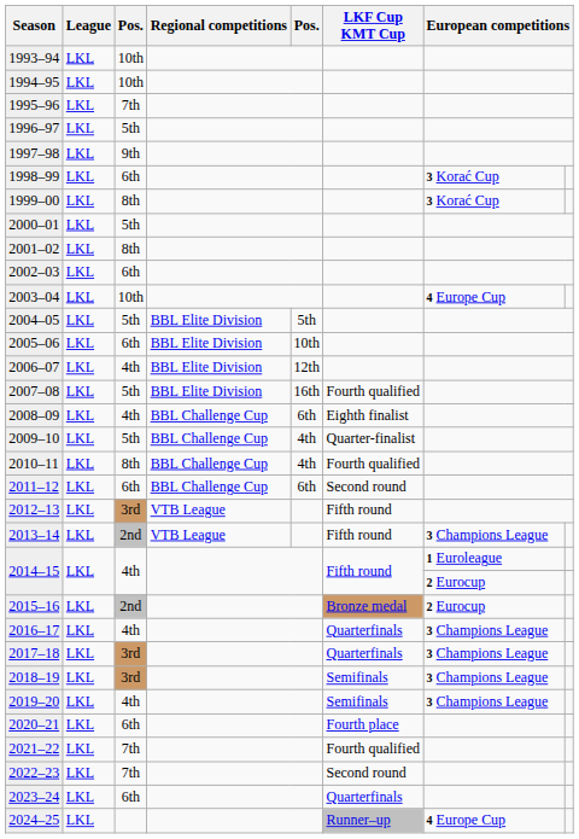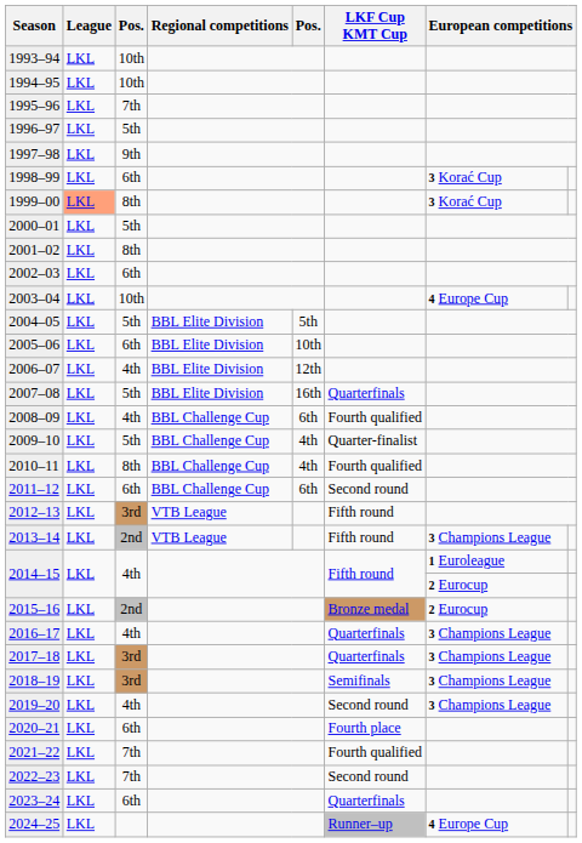 <table class="wikitable" style="font-size:85%">
 <tr>
 <th>Season</th>
 <th>League</th>
 <th>Pos.</th>
 <th>Regional competitions</th>
 <th>Pos.</th>
 <th><a href='#'>LKF Cup</a><br><a href='#'>KMT Cup</a></th>
 <th colspan=2>European competitions</th>
 </tr>
 <tr>
 <td style="background:#efefef;">1993–94</td>
 <td><a href='#'>LKL</a></td>
 <td align="center">10th</td>
 <td colspan=2></td>
 <td></td>
 <td colspan=2></td>
 </tr>
 <tr>
 <td style="background:#efefef;">1994–95</td>
 <td><a href='#'>LKL</a></td>
 <td align="center">10th</td>
 <td colspan=2></td>
 <td></td>
 <td colspan=2></td>
 </tr>
 <tr>
 <td style="background:#efefef;">1995–96</td>
 <td><a href='#'>LKL</a></td>
 <td align="center">7th</td>
 <td colspan=2></td>
 <td></td>
 <td colspan=2></td>
 </tr>
 <tr>
 <td style="background:#efefef;">1996–97</td>
 <td><a href='#'>LKL</a></td>
 <td align="center">5th</td>
 <td colspan=2></td>
 <td></td>
 <td colspan=2></td>
 </tr>
 <tr>
 <td style="background:#efefef;">1997–98</td>
 <td><a href='#'>LKL</a></td>
 <td align="center">9th</td>
 <td colspan=2></td>
 <td></td>
 <td colspan=2></td>
 </tr>
 <tr>
 <td style="background:#efefef;">1998–99</td>
 <td><a href='#'>LKL</a></td>
 <td align="center">6th</td>
 <td colspan=2></td>
 <td></td>
 <td><small><strong>3</strong></small> <a href='#'>Korać Cup</a></td>
 <td align=center></td>
 </tr>
 <tr>
 <td style="background:#efefef;">1999–00</td>
-<td><a href='#'>LKL</a></td>
+<td style="background: lightsalmon;"><a href='#'>LKL</a></td>
 <td align="center">8th</td>
 <td colspan=2></td>
 <td></td>
 <td><small><strong>3</strong></small> <a href='#'>Korać Cup</a></td>
 <td align=center></td>
 </tr>
 <tr>
 <td style="background:#efefef;">2000–01</td>
 <td><a href='#'>LKL</a></td>
 <td align="center">5th</td>
 <td colspan=2></td>
 <td></td>
 <td colspan=2></td>
 </tr>
 <tr>
 <td style="background:#efefef;">2001–02</td>
 <td><a href='#'>LKL</a></td>
 <td align="center">8th</td>
 <td colspan=2></td>
 <td></td>
 <td colspan=2></td>
 </tr>
 <tr>
 <td style="background:#efefef;">2002–03</td>
 <td><a href='#'>LKL</a></td>
 <td align="center">6th</td>
 <td colspan=2></td>
 <td></td>
 <td colspan=2></td>
 </tr>
 <tr>
 <td style="background:#efefef;">2003–04</td>
 <td><a href='#'>LKL</a></td>
 <td align="center">10th</td>
 <td colspan=2></td>
 <td></td>
 <td><small><strong>4</strong></small> <a href='#'>Europe Cup</a></td>
 <td align=center></td>
 </tr>
 <tr>
 <td style="background:#efefef;">2004–05</td>
 <td><a href='#'>LKL</a></td>
 <td align="center">5th</td>
 <td><a href='#'>BBL Elite Division</a></td>
 <td align="center">5th</td>
 <td></td>
 <td colspan=2></td>
 </tr>
 <tr>
 <td style="background:#efefef;">2005–06</td>
 <td><a href='#'>LKL</a></td>
 <td align="center">6th</td>
 <td><a href='#'>BBL Elite Division</a></td>
 <td align="center">10th</td>
 <td></td>
 <td colspan=2></td>
 </tr>
 <tr>
 <td style="background:#efefef;">2006–07</td>
 <td><a href='#'>LKL</a></td>
 <td align="center">4th</td>
 <td><a href='#'>BBL Elite Division</a></td>
 <td align="center">12th</td>
 <td></td>
 <td colspan=2></td>
 </tr>
 <tr>
 <td style="background:#efefef;">2007–08</td>
 <td><a href='#'>LKL</a></td>
 <td align="center">5th</td>
 <td><a href='#'>BBL Elite Division</a></td>
 <td align="center">16th</td>
-<td>Fourth qualified</td>
+<td><a href='#'>Quarterfinals</a></td>
 <td colspan=2></td>
 </tr>
 <tr>
 <td style="background:#efefef;">2008–09</td>
 <td><a href='#'>LKL</a></td>
 <td align="center">4th</td>
 <td><a href='#'>BBL Challenge Cup</a></td>
 <td align="center">6th</td>
-<td>Eighth finalist</td>
+<td>Fourth qualified</td>
 <td colspan=2></td>
 </tr>
 <tr>
 <td style="background:#efefef;">2009–10</td>
 <td><a href='#'>LKL</a></td>
 <td align="center">5th</td>
 <td><a href='#'>BBL Challenge Cup</a></td>
 <td align="center">4th</td>
 <td>Quarter-finalist</td>
 <td colspan=2></td>
 </tr>
 <tr>
 <td style="background:#efefef;">2010–11</td>
 <td><a href='#'>LKL</a></td>
 <td align="center">8th</td>
 <td><a href='#'>BBL Challenge Cup</a></td>
 <td align="center">4th</td>
 <td>Fourth qualified</td>
 <td colspan=2></td>
 </tr>
 <tr>
 <td style="background:#efefef;"><a href='#'>2011–12</a></td>
 <td><a href='#'>LKL</a></td>
 <td align="center">6th</td>
 <td><a href='#'>BBL Challenge Cup</a></td>
 <td align="center">6th</td>
 <td>Second round</td>
 <td colspan=2></td>
 </tr>
 <tr>
 <td style="background:#efefef;"><a href='#'>2012–13</a></td>
 <td><a href='#'>LKL</a></td>
 <td align="center" bgcolor=#cc9966>3rd</td>
 <td><a href='#'>VTB League</a></td>
 <td align="center"></td>
 <td>Fifth round</td>
 <td colspan=2></td>
 </tr>
 <tr>
 <td style="background:#efefef;"><a href='#'>2013–14</a></td>
 <td><a href='#'>LKL</a></td>
 <td bgcolor=silver align=center>2nd</td>
 <td><a href='#'>VTB League</a></td>
 <td align="center"></td>
 <td>Fifth round</td>
 <td><small><strong>3</strong></small> <a href='#'>Champions League</a></td>
 <td align=center></td>
 </tr>
 <tr>
 <td rowspan=2 style="background:#efefef;"><a href='#'>2014–15</a></td>
 <td rowspan=2><a href='#'>LKL</a></td>
 <td rowspan=2 align="center">4th</td>
 <td rowspan=2 colspan=2></td>
 <td rowspan=2><a href='#'>Fifth round</a></td>
 <td><small><strong>1</strong></small> <a href='#'>Euroleague</a></td>
 <td align=center></td>
 </tr>
 <tr>
 <td><small><strong>2</strong></small> <a href='#'>Eurocup</a></td>
 <td align=center></td>
 </tr>
 <tr>
 <td style="background:#efefef;"><a href='#'>2015–16</a></td>
 <td><a href='#'>LKL</a></td>
 <td align="center" bgcolor=silver>2nd</td>
 <td colspan=2></td>
 <td style="background:#cc9966;"><a href='#'>Bronze medal</a></td>
 <td><small><strong>2</strong></small> <a href='#'>Eurocup</a></td>
 <td></td>
 </tr>
 <tr>
 <td style="background:#efefef;"><a href='#'>2016–17</a></td>
 <td><a href='#'>LKL</a></td>
 <td align="center">4th</td>
 <td colspan=2></td>
 <td><a href='#'>Quarterfinals</a></td>
 <td><small><strong>3</strong></small> <a href='#'>Champions League</a></td>
 <td></td>
 </tr>
 <tr>
 <td style="background:#efefef;"><a href='#'>2017–18</a></td>
 <td><a href='#'>LKL</a></td>
 <td align="center" bgcolor=#cc9966>3rd</td>
 <td colspan=2></td>
 <td><a href='#'>Quarterfinals</a></td>
 <td><small><strong>3</strong></small> <a href='#'>Champions League</a></td>
 <td></td>
 </tr>
 <tr>
 <td style="background:#efefef;"><a href='#'>2018–19</a></td>
 <td><a href='#'>LKL</a></td>
 <td align="center" bgcolor=#cc9966>3rd</td>
 <td colspan=2></td>
 <td><a href='#'>Semifinals</a></td>
 <td><small><strong>3</strong></small> <a href='#'>Champions League</a></td>
 <td></td>
 </tr>
 <tr>
 <td style="background:#efefef;"><a href='#'>2019–20</a></td>
 <td><a href='#'>LKL</a></td>
 <td align="center">4th</td>
 <td colspan=2></td>
-<td><a href='#'>Semifinals</a></td>
+<td>Second round</td>
 <td><small><strong>3</strong></small> <a href='#'>Champions League</a></td>
 <td></td>
 </tr>
 <tr>
 <td style="background:#efefef;"><a href='#'>2020–21</a></td>
 <td><a href='#'>LKL</a></td>
 <td align="center">6th</td>
 <td colspan=2></td>
 <td><a href='#'>Fourth place</a></td>
 <td></td>
 <td></td>
 </tr>
 <tr>
 <td style="background:#efefef;"><a href='#'>2021–22</a></td>
 <td><a href='#'>LKL</a></td>
 <td align="center">7th</td>
 <td colspan=2></td>
 <td>Fourth qualified</td>
 <td></td>
 <td></td>
 </tr>
 <tr>
 <td style="background:#efefef;"><a href='#'>2022–23</a></td>
 <td><a href='#'>LKL</a></td>
 <td align="center">7th</td>
 <td colspan=2></td>
 <td>Second round</td>
 <td></td>
 <td></td>
 </tr>
 <tr>
 <td style="background:#efefef;"><a href='#'>2023–24</a></td>
 <td><a href='#'>LKL</a></td>
 <td align="center">6th</td>
 <td colspan=2></td>
 <td><a href='#'>Quarterfinals</a></td>
 <td></td>
 <td></td>
 </tr>
 <tr>
 <td style="background:#efefef;"><a href='#'>2024–25</a></td>
 <td><a href='#'>LKL</a></td>
 <td align="center"></td>
 <td colspan=2></td>
 <td bgcolor=silver><a href='#'>Runner–up</a></td>
 <td><small><strong>4</strong></small> <a href='#'>Europe Cup</a></td>
 <td></td>
 </tr>
 </table>
